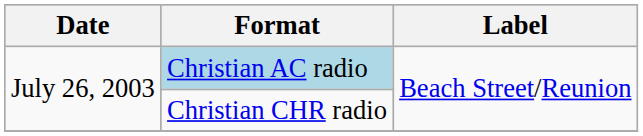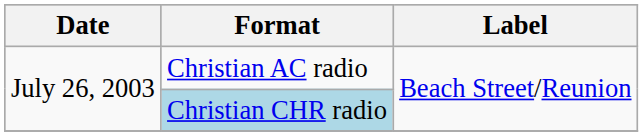 <table class="wikitable sortable plainrowheaders">
 <tr>
 <th scope="col">Date</th>
 <th scope="col">Format</th>
 <th scope="col">Label</th>
 </tr>
 <tr>
 <td rowspan="2">July 26, 2003</td>
-<td style="background: lightblue;"><a href='#'>Christian AC</a> radio</td>
+<td><a href='#'>Christian AC</a> radio</td>
 <td rowspan="2"><a href='#'>Beach Street</a>/<a href='#'>Reunion</a></td>
 </tr>
 <tr>
-<td><a href='#'>Christian CHR</a> radio</td>
+<td style="background: lightblue;"><a href='#'>Christian CHR</a> radio</td>
 </tr>
 <tr>
 </tr>
 </table>
